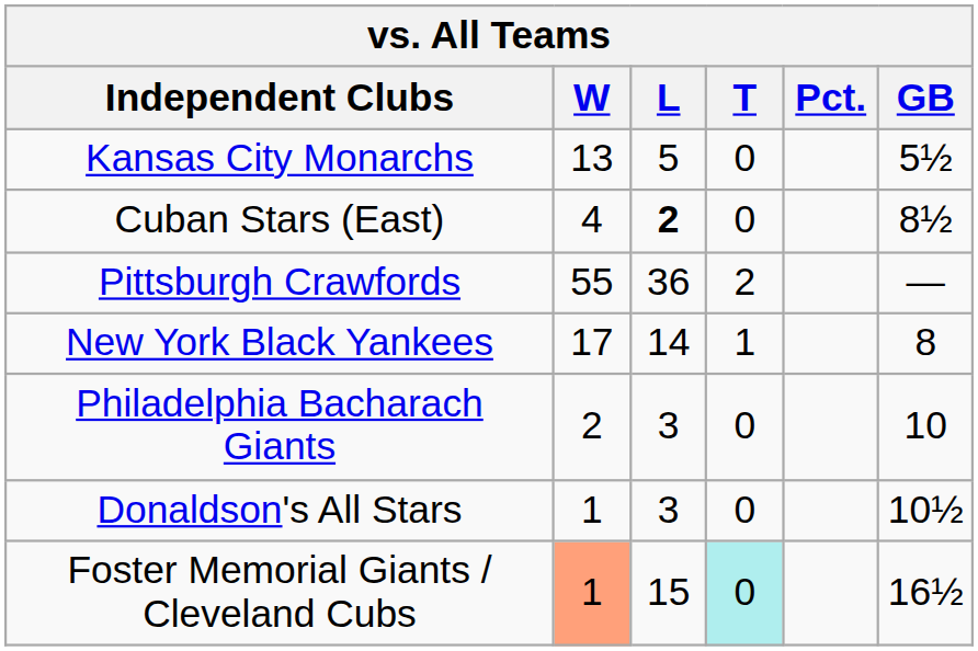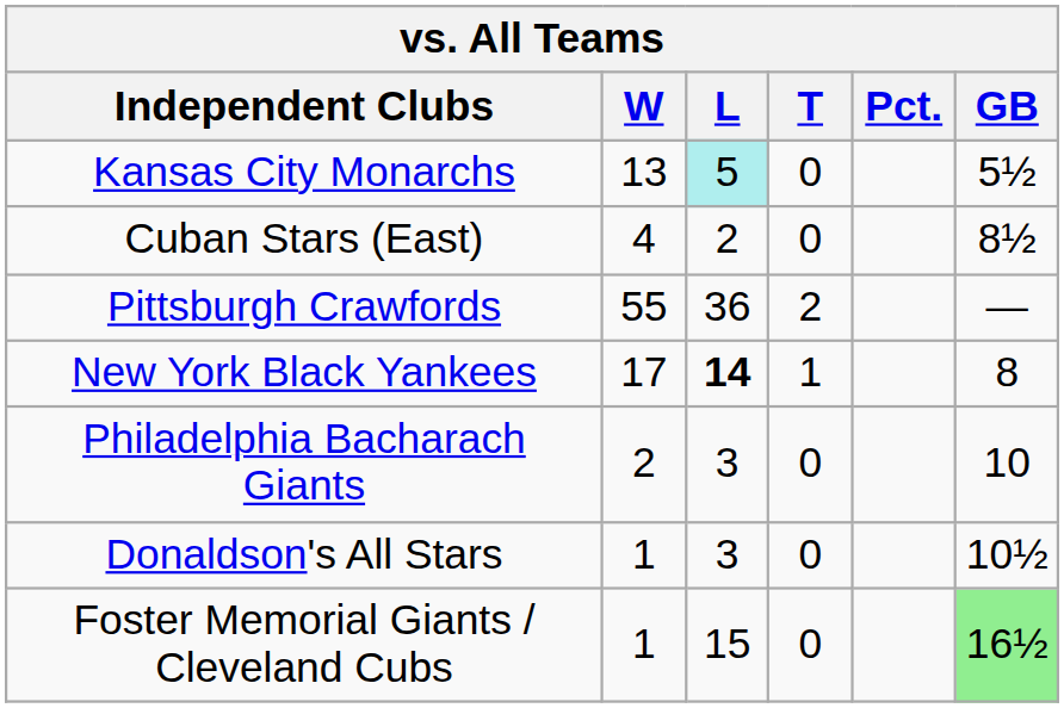 <table class="wikitable" width="400em" style="text-align:center;">
 <tr>
 <th colspan="6">vs. All Teams</th>
 </tr>
 <tr>
 <th width="58%">Independent Clubs</th>
 <th width="8%"><a href='#'>W</a></th>
 <th width="8%"><a href='#'>L</a></th>
 <th width="8%"><a href='#'>T</a></th>
 <th width="10%"><a href='#'>Pct.</a></th>
 <th width="8%"><a href='#'>GB</a></th>
 </tr>
 <tr>
 <td><a href='#'>Kansas City Monarchs</a></td>
 <td>13</td>
-<td>5</td>
+<td style="background: paleturquoise;">5</td>
 <td>0</td>
 <td></td>
 <td>5½</td>
 </tr>
 <tr>
 <td>Cuban Stars (East)</td>
 <td>4</td>
-<td><strong>2</strong></td>
+<td>2</td>
 <td>0</td>
 <td></td>
 <td>8½</td>
 </tr>
 <tr>
 <td><a href='#'>Pittsburgh Crawfords</a></td>
 <td>55</td>
 <td>36</td>
 <td>2</td>
 <td></td>
 <td>—</td>
 </tr>
 <tr>
 <td><a href='#'>New York Black Yankees</a></td>
 <td>17</td>
-<td>14</td>
+<td><strong>14</strong></td>
 <td>1</td>
 <td></td>
 <td>8</td>
 </tr>
 <tr>
 <td><a href='#'>Philadelphia Bacharach Giants</a></td>
 <td>2</td>
 <td>3</td>
 <td>0</td>
 <td></td>
 <td>10</td>
 </tr>
 <tr>
 <td><a href='#'>Donaldson</a>'s All Stars</td>
 <td>1</td>
 <td>3</td>
 <td>0</td>
 <td></td>
 <td>10½</td>
 </tr>
 <tr>
 <td>Foster Memorial Giants / Cleveland Cubs</td>
-<td style="background: lightsalmon;">1</td>
+<td>1</td>
 <td>15</td>
-<td style="background: paleturquoise;">0</td>
+<td>0</td>
 <td></td>
-<td>16½</td>
+<td style="background: lightgreen;">16½</td>
 </tr>
 </table>
